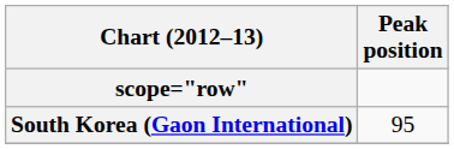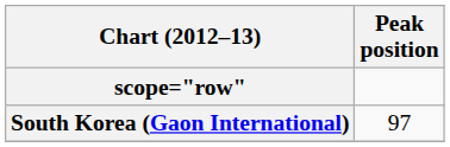 <table class="wikitable sortable plainrowheaders" style="text-align:center;">
 <tr>
 <th scope="col">Chart (2012–13)</th>
 <th scope="col">Peak<br>position</th>
 </tr>
 <tr>
 <th>scope="row"</th>
 </tr>
 <tr>
 <th scope="row">South Korea (<a href='#'>Gaon International</a>)</th>
-<td>95</td>
+<td>97</td>
 </tr>
 <tr>
 </tr>
 </table>
